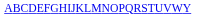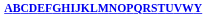 <table id="toc" class="toc" summary="Class">
 <tr>
 <th></th>
 </tr>
 <tr>
-<td><a href='#'>A</a><a href='#'>B</a><a href='#'>C</a><a href='#'>D</a><a href='#'>E</a><a href='#'>F</a><a href='#'>G</a><a href='#'>H</a><a href='#'>I</a><a href='#'>J</a><a href='#'>K</a><a href='#'>L</a><a href='#'>M</a><a href='#'>N</a><a href='#'>O</a><a href='#'>P</a><a href='#'>Q</a><a href='#'>R</a><a href='#'>S</a><a href='#'>T</a><a href='#'>U</a><a href='#'>V</a><a href='#'>W</a><a href='#'>Y</a></td>
+<td><strong><a href='#'>A</a><a href='#'>B</a><a href='#'>C</a><a href='#'>D</a><a href='#'>E</a><a href='#'>F</a><a href='#'>G</a><a href='#'>H</a><a href='#'>I</a><a href='#'>J</a><a href='#'>K</a><a href='#'>L</a><a href='#'>M</a><a href='#'>N</a><a href='#'>O</a><a href='#'>P</a><a href='#'>Q</a><a href='#'>R</a><a href='#'>S</a><a href='#'>T</a><a href='#'>U</a><a href='#'>V</a><a href='#'>W</a><a href='#'>Y</a></strong></td>
 </tr>
 </table>
